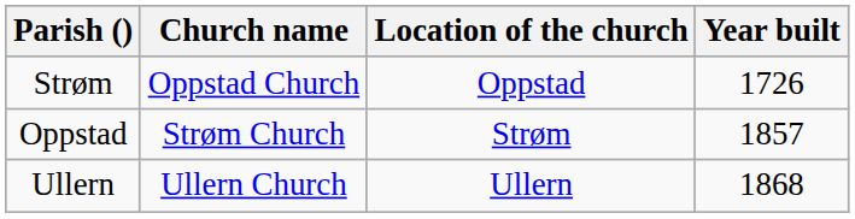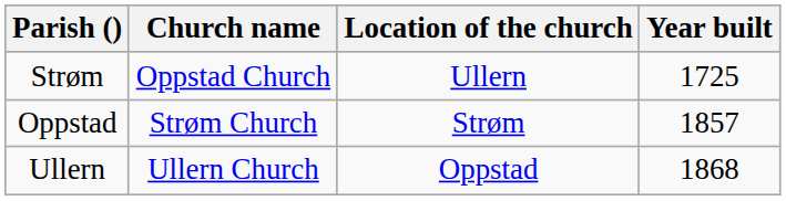 <table class="wikitable" style="text-align:center">
 <tr>
 <th>Parish ()</th>
 <th>Church name</th>
 <th>Location of the church</th>
 <th>Year built</th>
 </tr>
 <tr>
 <td rowspan="1">Strøm</td>
 <td><a href='#'>Oppstad Church</a></td>
-<td><a href='#'>Oppstad</a></td>
-<td>1726</td>
+<td><a href='#'>Ullern</a></td>
+<td>1725</td>
 </tr>
 <tr>
 <td rowspan="1">Oppstad</td>
 <td><a href='#'>Strøm Church</a></td>
 <td><a href='#'>Strøm</a></td>
 <td>1857</td>
 </tr>
 <tr>
 <td rowspan="1">Ullern</td>
 <td><a href='#'>Ullern Church</a></td>
-<td><a href='#'>Ullern</a></td>
+<td><a href='#'>Oppstad</a></td>
 <td>1868</td>
 </tr>
 </table>
